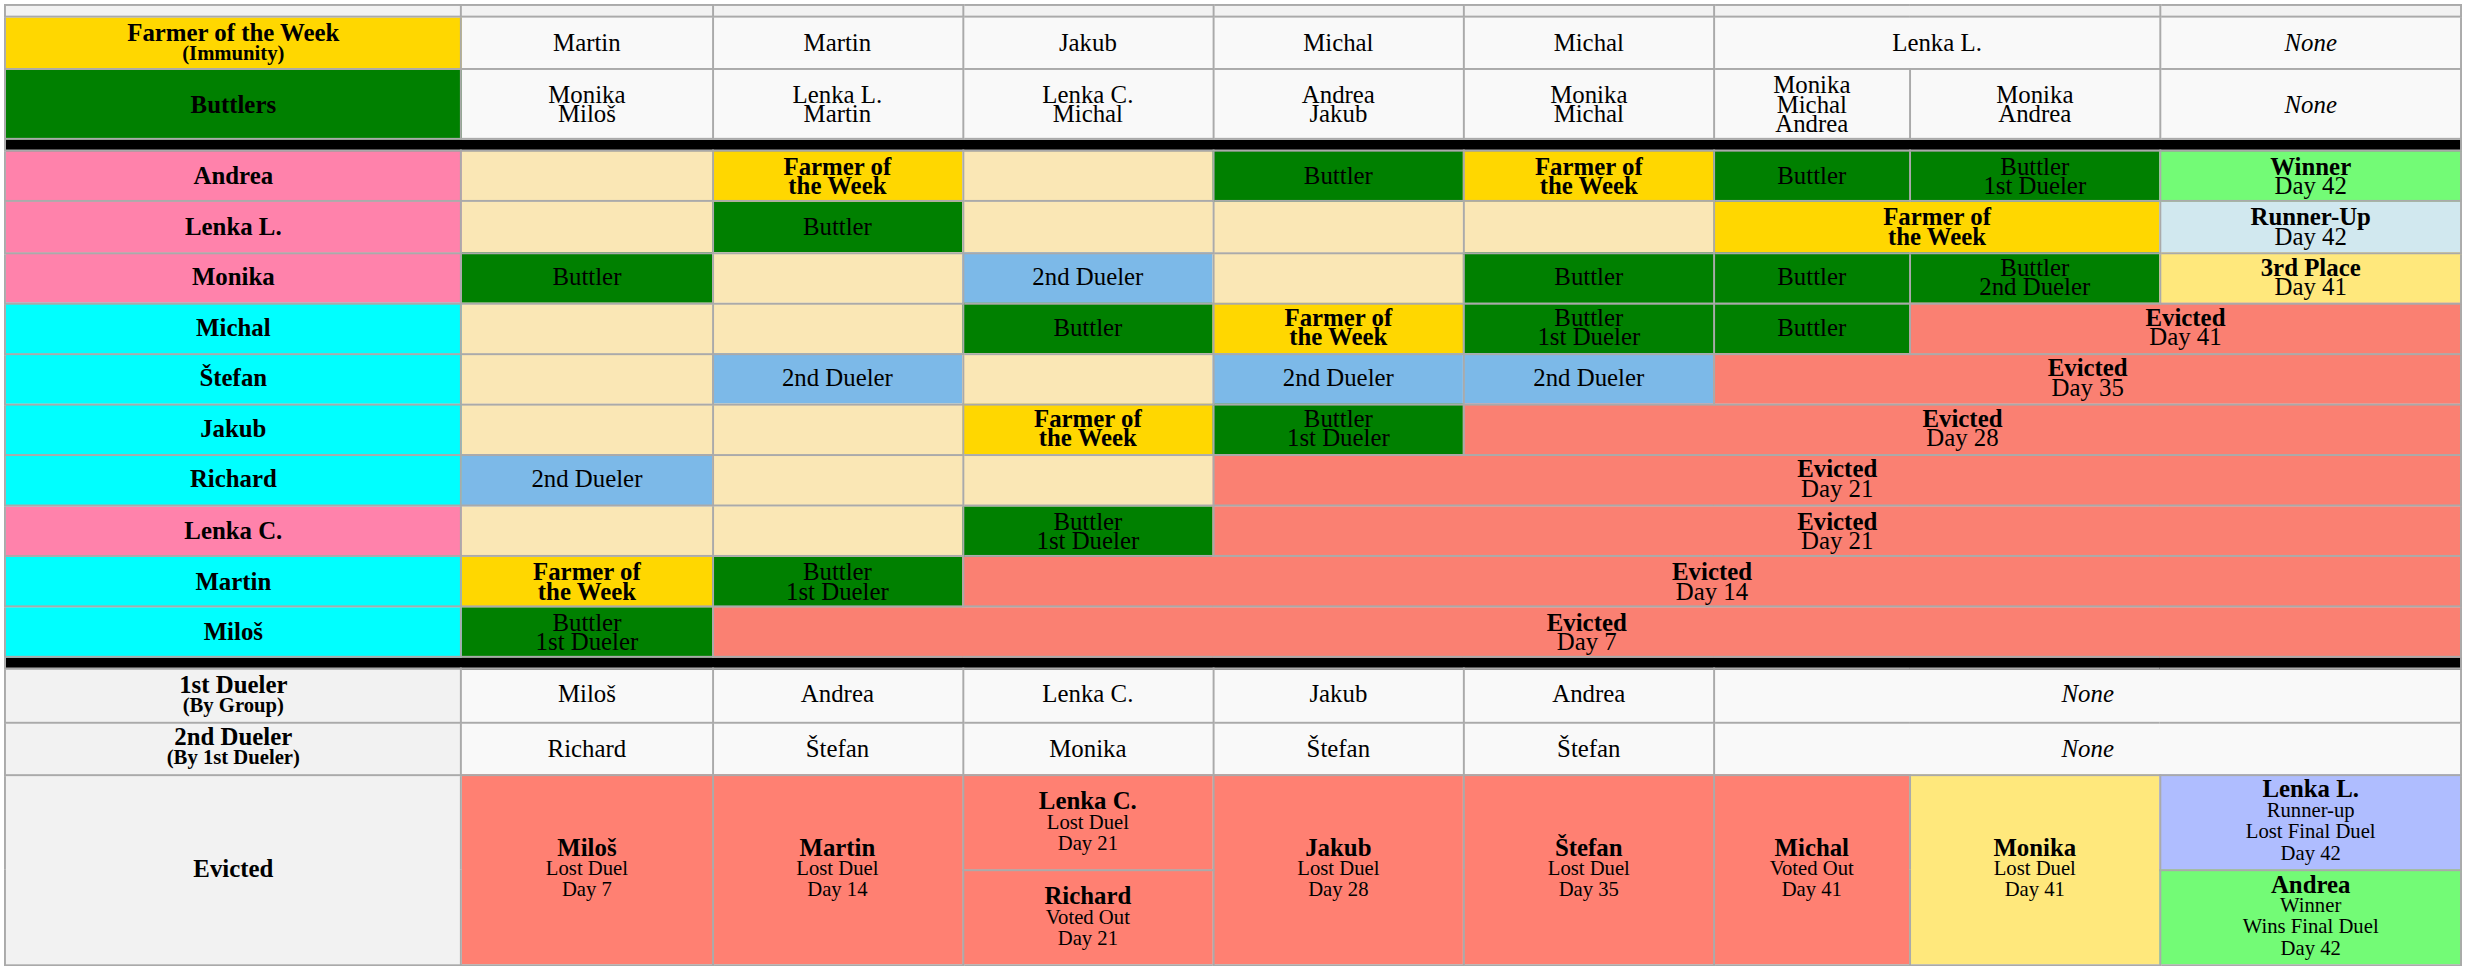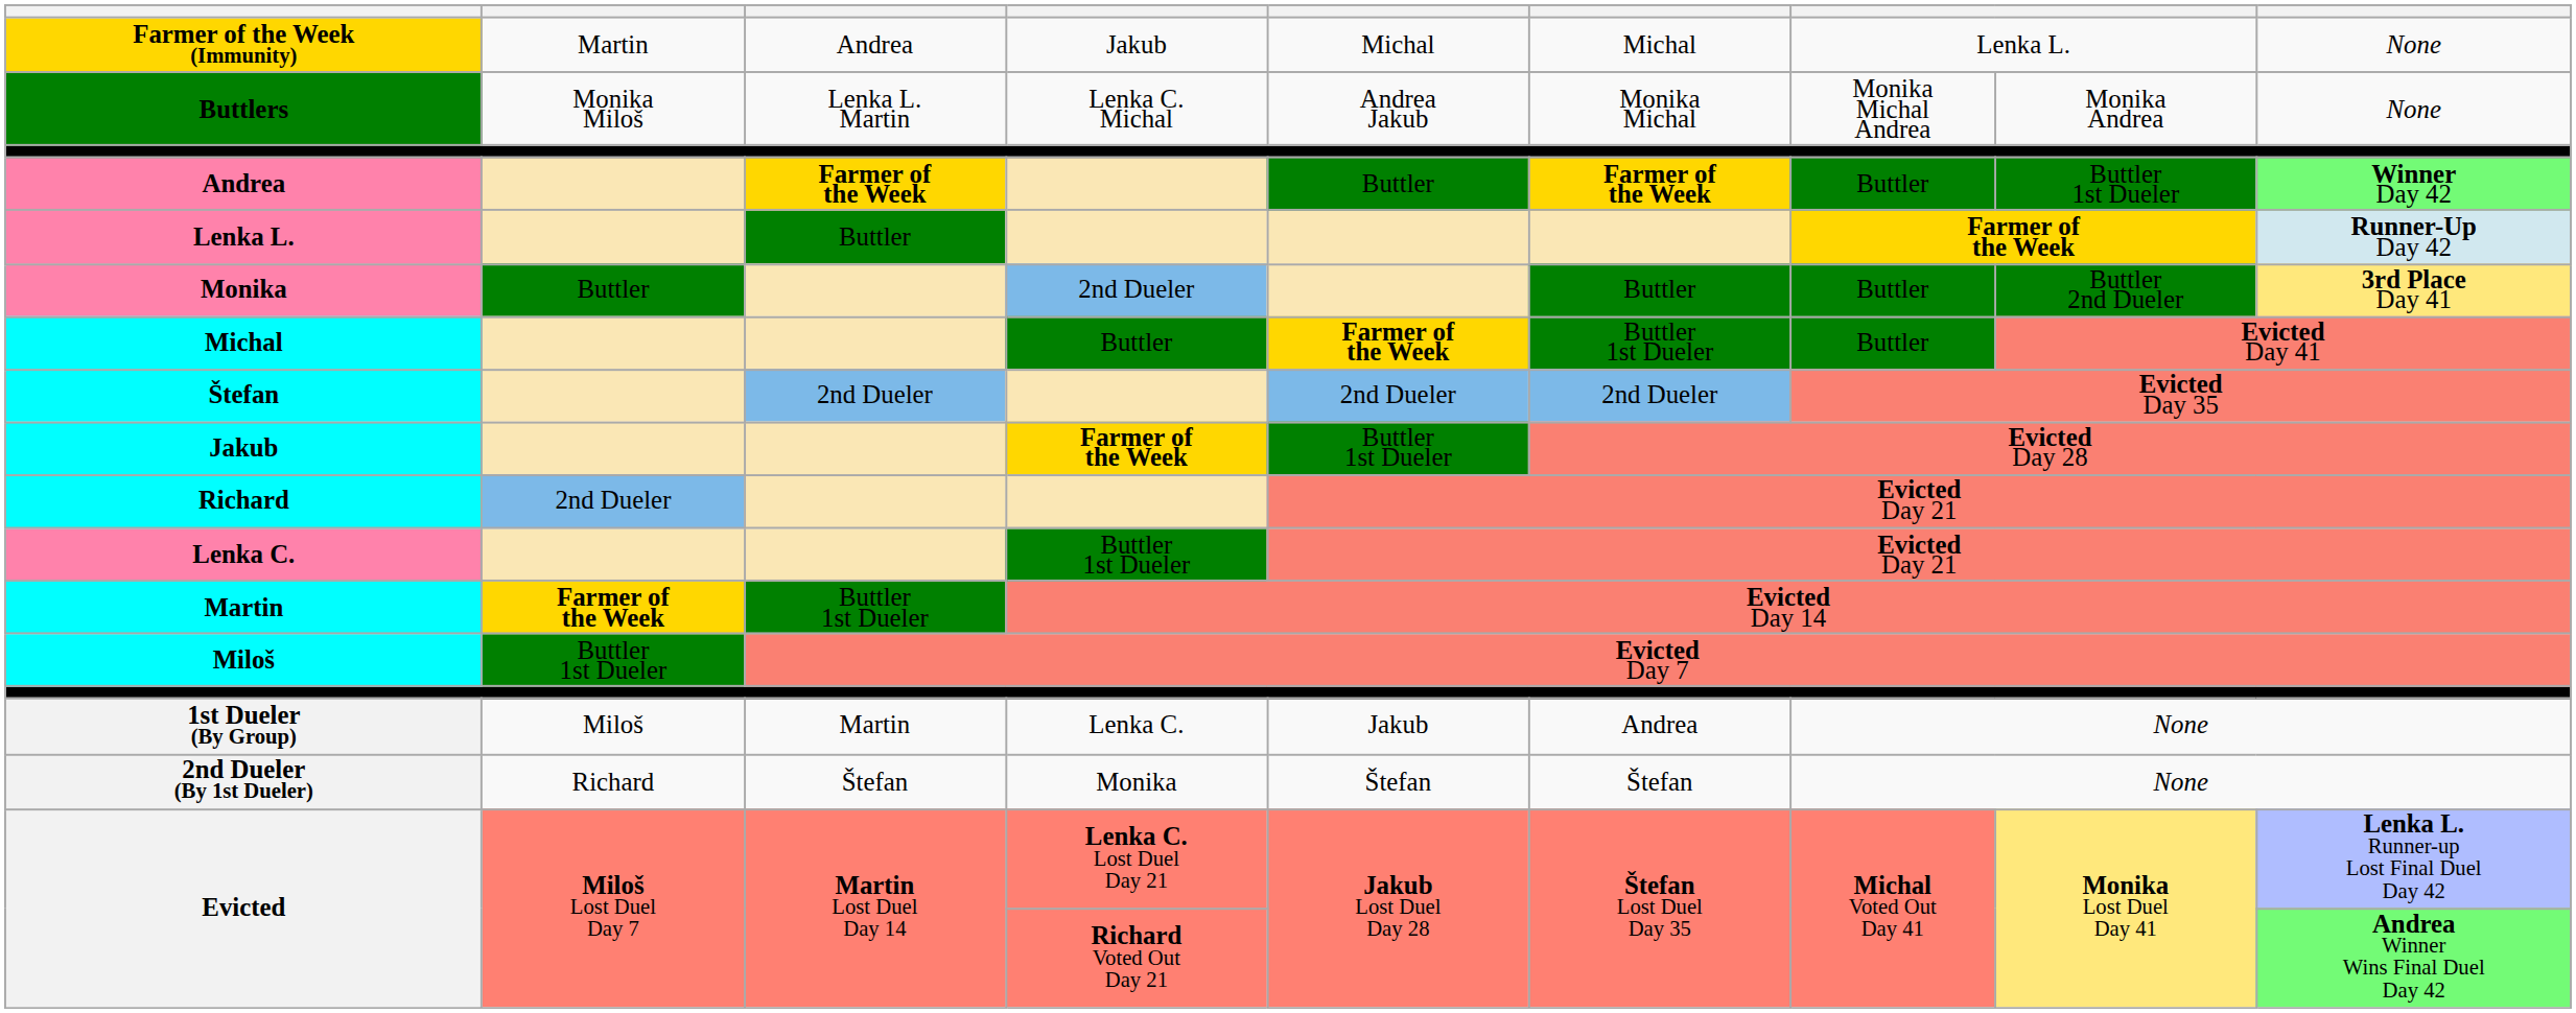 <table class="wikitable" style="text-align:center; width:80%; font-size:80%; line-height:10px">
 <tr>
 <th></th>
 <th></th>
 <th></th>
 <th></th>
 <th></th>
 <th></th>
 <th colspan="2"></th>
 <th></th>
 </tr>
 <tr>
 <th style="background:gold;" colspan=1>Farmer of the Week<br><small>(Immunity)</small></th>
 <td>Martin</td>
-<td>Martin</td>
+<td>Andrea</td>
 <td>Jakub</td>
 <td>Michal</td>
 <td>Michal</td>
 <td colspan="2">Lenka L.</td>
 <td><em>None</em></td>
 </tr>
 <tr>
 <th style="background:#008000;">Buttlers</th>
 <td>Monika<br>Miloš</td>
 <td>Lenka L.<br>Martin</td>
 <td>Lenka C.<br>Michal</td>
 <td>Andrea<br>Jakub</td>
 <td>Monika<br>Michal</td>
 <td>Monika<br>Michal<br>Andrea</td>
 <td>Monika<br>Andrea</td>
 <td><em>None</em></td>
 </tr>
 <tr>
 <th style="background:#000000;" colspan="15"></th>
 </tr>
 <tr>
 <th style="background:#FF82AB;">Andrea</th>
 <td style="background:#FAE7B5;"></td>
 <td style="background:gold;"><strong>Farmer of<br>the Week</strong></td>
 <td style="background:#FAE7B5;"></td>
 <td style="background:#008000;">Buttler</td>
 <td style="background:gold;"><strong>Farmer of<br>the Week</strong></td>
 <td style="background:#008000;">Buttler</td>
 <td style="background:#008000;">Buttler<br>1st Dueler</td>
 <td style="background:#73FB76" colspan=2><strong>Winner</strong> <br> Day 42</td>
 </tr>
 <tr>
 <th style="background:#FF82AB;">Lenka L.</th>
 <td style="background:#FAE7B5;"></td>
 <td style="background:#008000;">Buttler</td>
 <td style="background:#FAE7B5;"></td>
 <td style="background:#FAE7B5;"></td>
 <td style="background:#FAE7B5;"></td>
 <td colspan="2" style="background:gold;"><strong>Farmer of<br>the Week</strong></td>
 <td style="background:#D1E8EF" colspan=2><strong>Runner-Up</strong> <br> Day 42</td>
 </tr>
 <tr>
 <th style="background:#FF82AB;">Monika</th>
 <td style="background:#008000;">Buttler</td>
 <td style="background:#FAE7B5;"></td>
 <td style="background:#7CB9E8;">2nd Dueler</td>
 <td style="background:#FAE7B5;"></td>
 <td style="background:#008000;">Buttler</td>
 <td style="background:#008000;">Buttler</td>
 <td style="background:#008000;">Buttler<br>2nd Dueler</td>
 <td style="background:#FFE87C" colspan=2><strong>3rd Place</strong> <br> Day 41</td>
 </tr>
 <tr>
 <th style="background:cyan;">Michal</th>
 <td style="background:#FAE7B5;"></td>
 <td style="background:#FAE7B5;"></td>
 <td style="background:#008000;">Buttler</td>
 <td style="background:gold;"><strong>Farmer of<br>the Week</strong></td>
 <td style="background:#008000;">Buttler<br>1st Dueler</td>
 <td style="background:#008000;">Buttler</td>
 <td colspan=2 style="background:salmon;"><strong>Evicted</strong> <br> Day 41</td>
 </tr>
 <tr>
 <th style="background:cyan;">Štefan</th>
 <td style="background:#FAE7B5;"></td>
 <td style="background:#7CB9E8;">2nd Dueler</td>
 <td style="background:#FAE7B5;"></td>
 <td style="background:#7CB9E8;">2nd Dueler</td>
 <td style="background:#7CB9E8;">2nd Dueler</td>
 <td colspan=3 style="background:salmon;"><strong>Evicted</strong> <br> Day 35</td>
 </tr>
 <tr>
 <th style="background:cyan;">Jakub</th>
 <td style="background:#FAE7B5;"></td>
 <td style="background:#FAE7B5;"></td>
 <td style="background:gold;"><strong>Farmer of<br>the Week</strong></td>
 <td style="background:#008000;">Buttler<br>1st Dueler</td>
 <td colspan=4 style="background:salmon;"><strong>Evicted</strong> <br> Day 28</td>
 </tr>
 <tr>
 <th style="background:cyan;">Richard</th>
 <td style="background:#7CB9E8;">2nd Dueler</td>
 <td style="background:#FAE7B5;"></td>
 <td style="background:#FAE7B5;"></td>
 <td colspan=5 style="background:salmon;"><strong>Evicted</strong> <br> Day 21</td>
 </tr>
 <tr>
 <th style="background:#FF82AB;">Lenka C.</th>
 <td style="background:#FAE7B5;"></td>
 <td style="background:#FAE7B5;"></td>
 <td style="background:#008000;">Buttler<br>1st Dueler</td>
 <td colspan=5 style="background:salmon;"><strong>Evicted</strong> <br> Day 21</td>
 </tr>
 <tr>
 <th style="background:cyan;">Martin</th>
 <td style="background:gold;"><strong>Farmer of<br>the Week</strong></td>
 <td style="background:#008000;">Buttler<br>1st Dueler</td>
 <td colspan=6 style="background:salmon;"><strong>Evicted</strong> <br> Day 14</td>
 </tr>
 <tr>
 <th style="background:cyan;">Miloš</th>
 <td style="background:#008000;">Buttler<br>1st Dueler</td>
 <td colspan=7 style="background:salmon;"><strong>Evicted</strong> <br> Day 7</td>
 </tr>
 <tr>
 <th style="background:#000000;" colspan="15"></th>
 </tr>
 <tr>
 <th>1st Dueler<br><small>(By Group)</small></th>
 <td>Miloš</td>
-<td>Andrea</td>
+<td>Martin</td>
 <td>Lenka C.</td>
 <td>Jakub</td>
 <td>Andrea</td>
 <td colspan=3><em>None</em></td>
 </tr>
 <tr>
 <th>2nd Dueler<br><small>(By 1st Dueler)</small></th>
 <td>Richard</td>
 <td>Štefan</td>
 <td>Monika</td>
 <td>Štefan</td>
 <td>Štefan</td>
 <td colspan=3><em>None</em></td>
 </tr>
 <tr>
 <th rowspan="2">Evicted</th>
 <td rowspan="2" style="background:#FF8072"><strong>Miloš</strong><br><small>Lost Duel<br>Day 7</small></td>
 <td rowspan="2" style="background:#FF8072"><strong>Martin</strong><br><small>Lost Duel<br>Day 14</small></td>
 <td style="background:#FF8072"><strong>Lenka C.</strong><br><small>Lost Duel<br>Day 21</small></td>
 <td rowspan="2" style="background:#FF8072"><strong>Jakub</strong><br><small>Lost Duel<br>Day 28</small></td>
 <td rowspan="2" style="background:#FF8072"><strong>Štefan</strong><br><small>Lost Duel<br>Day 35</small></td>
 <td rowspan="2" style="background:#FF8072"><strong>Michal</strong><br><small>Voted Out<br>Day 41</small></td>
 <td rowspan="2" style="background:#FFE87C"><strong>Monika</strong><br><small>Lost Duel<br>Day 41</small></td>
 <td style="background:#afbdff"><strong>Lenka L.</strong><br><small>Runner-up<br>Lost Final Duel<br>Day 42</small></td>
 </tr>
 <tr>
 <td style="background:#FF8072"><strong>Richard</strong><br><small>Voted Out<br>Day 21</small></td>
 <td style="background:#73FB76"><strong>Andrea</strong><br><small>Winner<br>Wins Final Duel<br>Day 42</small></td>
 </tr>
 </table>
